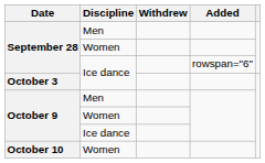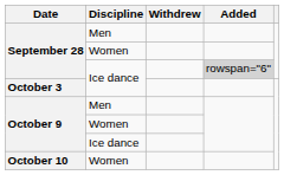 <table class="wikitable unsortable">
 <tr>
 <th scope="col">Date</th>
 <th scope="col">Discipline</th>
 <th scope="col">Withdrew</th>
 <th scope="col">Added</th>
 <th scope="col"></th>
 </tr>
 <tr>
 <th rowspan="3" scope="row" style="text-align:left">September 28</th>
 <td>Men</td>
 <td></td>
 <td></td>
 <td rowspan="3"></td>
 </tr>
 <tr>
 <td>Women</td>
 <td></td>
 <td></td>
 </tr>
 <tr>
 <td rowspan="2">Ice dance</td>
 <td></td>
-<td>rowspan="6" </td>
+<td style="background: lightgrey;">rowspan="6" </td>
 </tr>
 <tr>
 <th scope="row" style="text-align:left">October 3</th>
 <td></td>
 <td></td>
 </tr>
 <tr>
 <th scope="row" style="text-align:left" rowspan="3">October 9</th>
 <td>Men</td>
 <td></td>
 <td rowspan="3"></td>
 </tr>
 <tr>
 <td>Women</td>
 <td></td>
 </tr>
 <tr>
 <td>Ice dance</td>
 <td></td>
 </tr>
 <tr>
 <th scope="row" style="text-align:left">October 10</th>
 <td>Women</td>
 <td></td>
 <td></td>
 </tr>
 </table>
